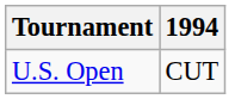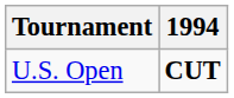 <table class="wikitable" style="font-size:95%;">
 <tr>
 <th>Tournament</th>
 <th>1994</th>
 </tr>
 <tr>
 <td><a href='#'>U.S. Open</a></td>
-<td align="center">CUT</td>
+<td align="center"><strong>CUT</strong></td>
 </tr>
 </table>
